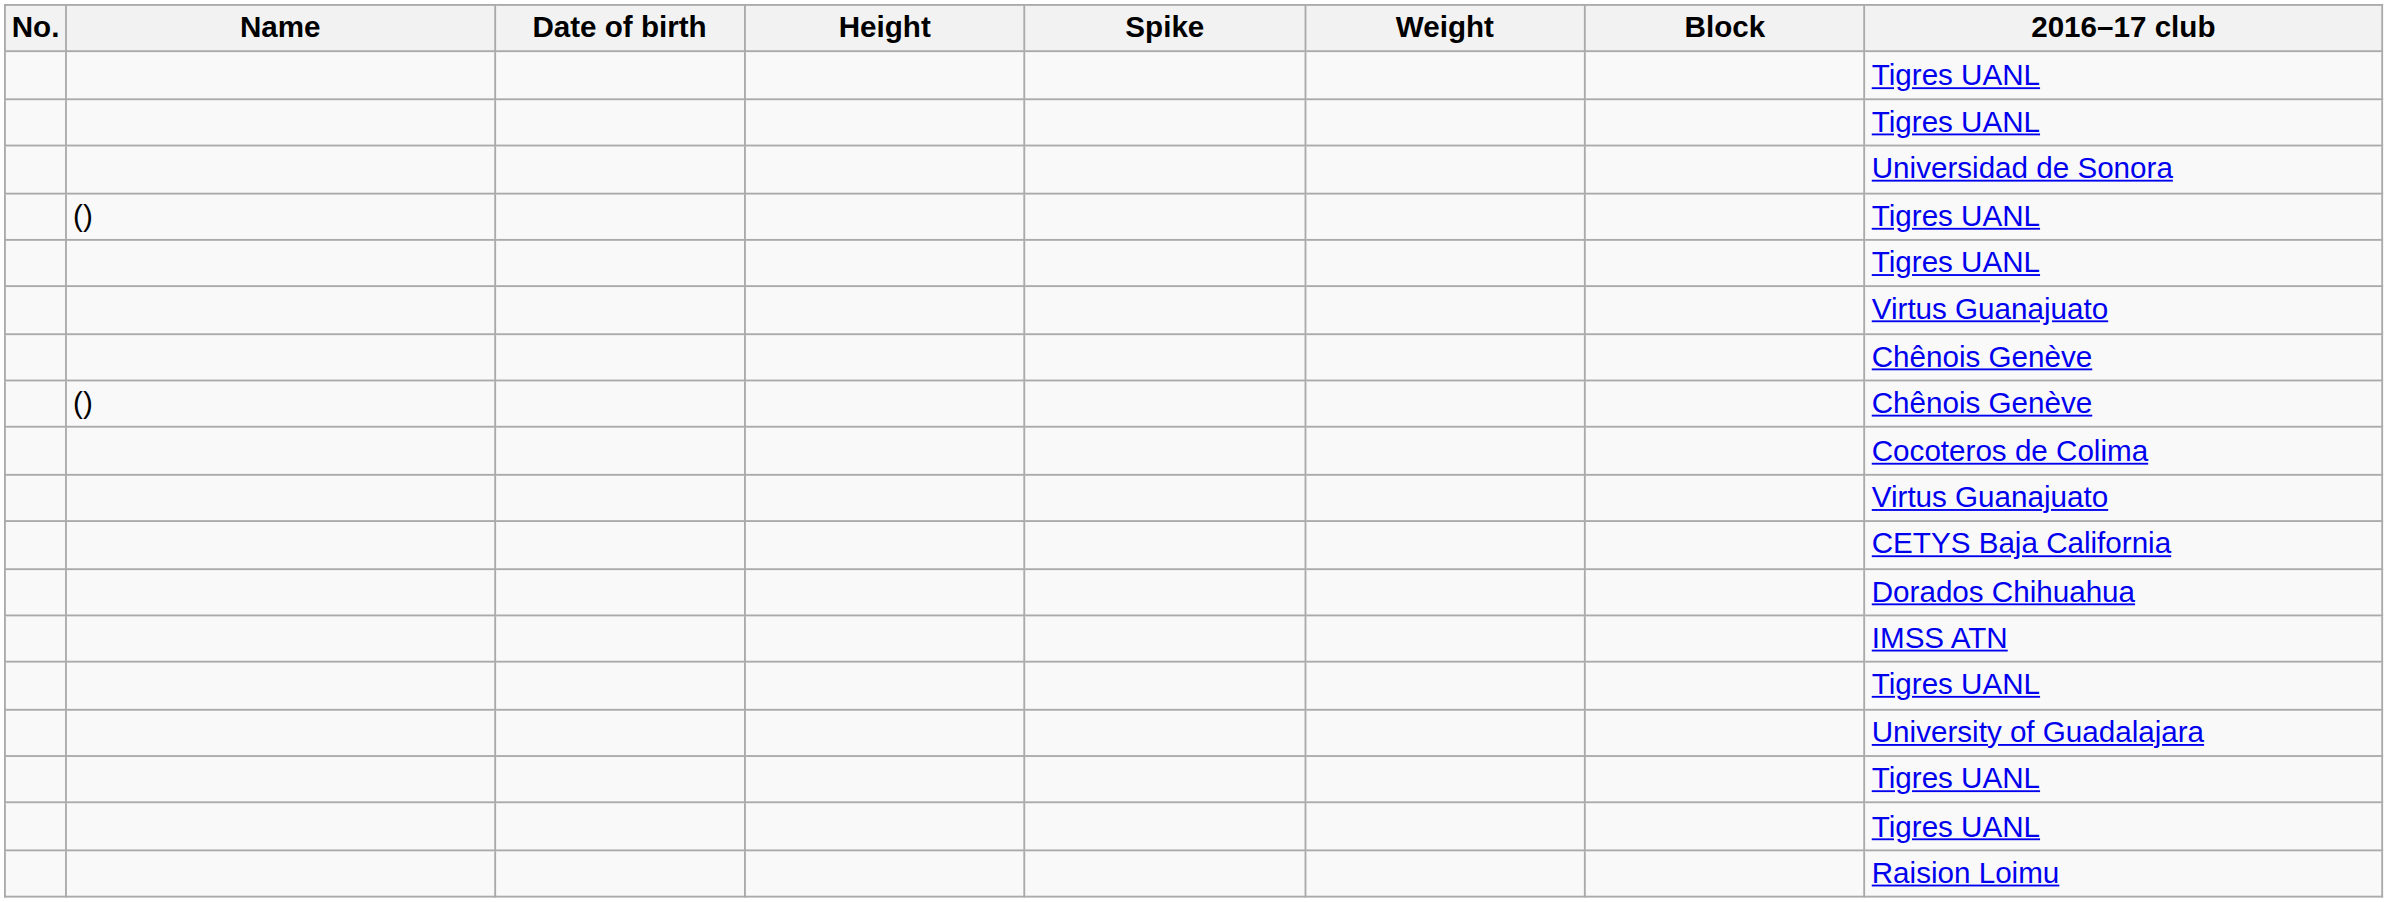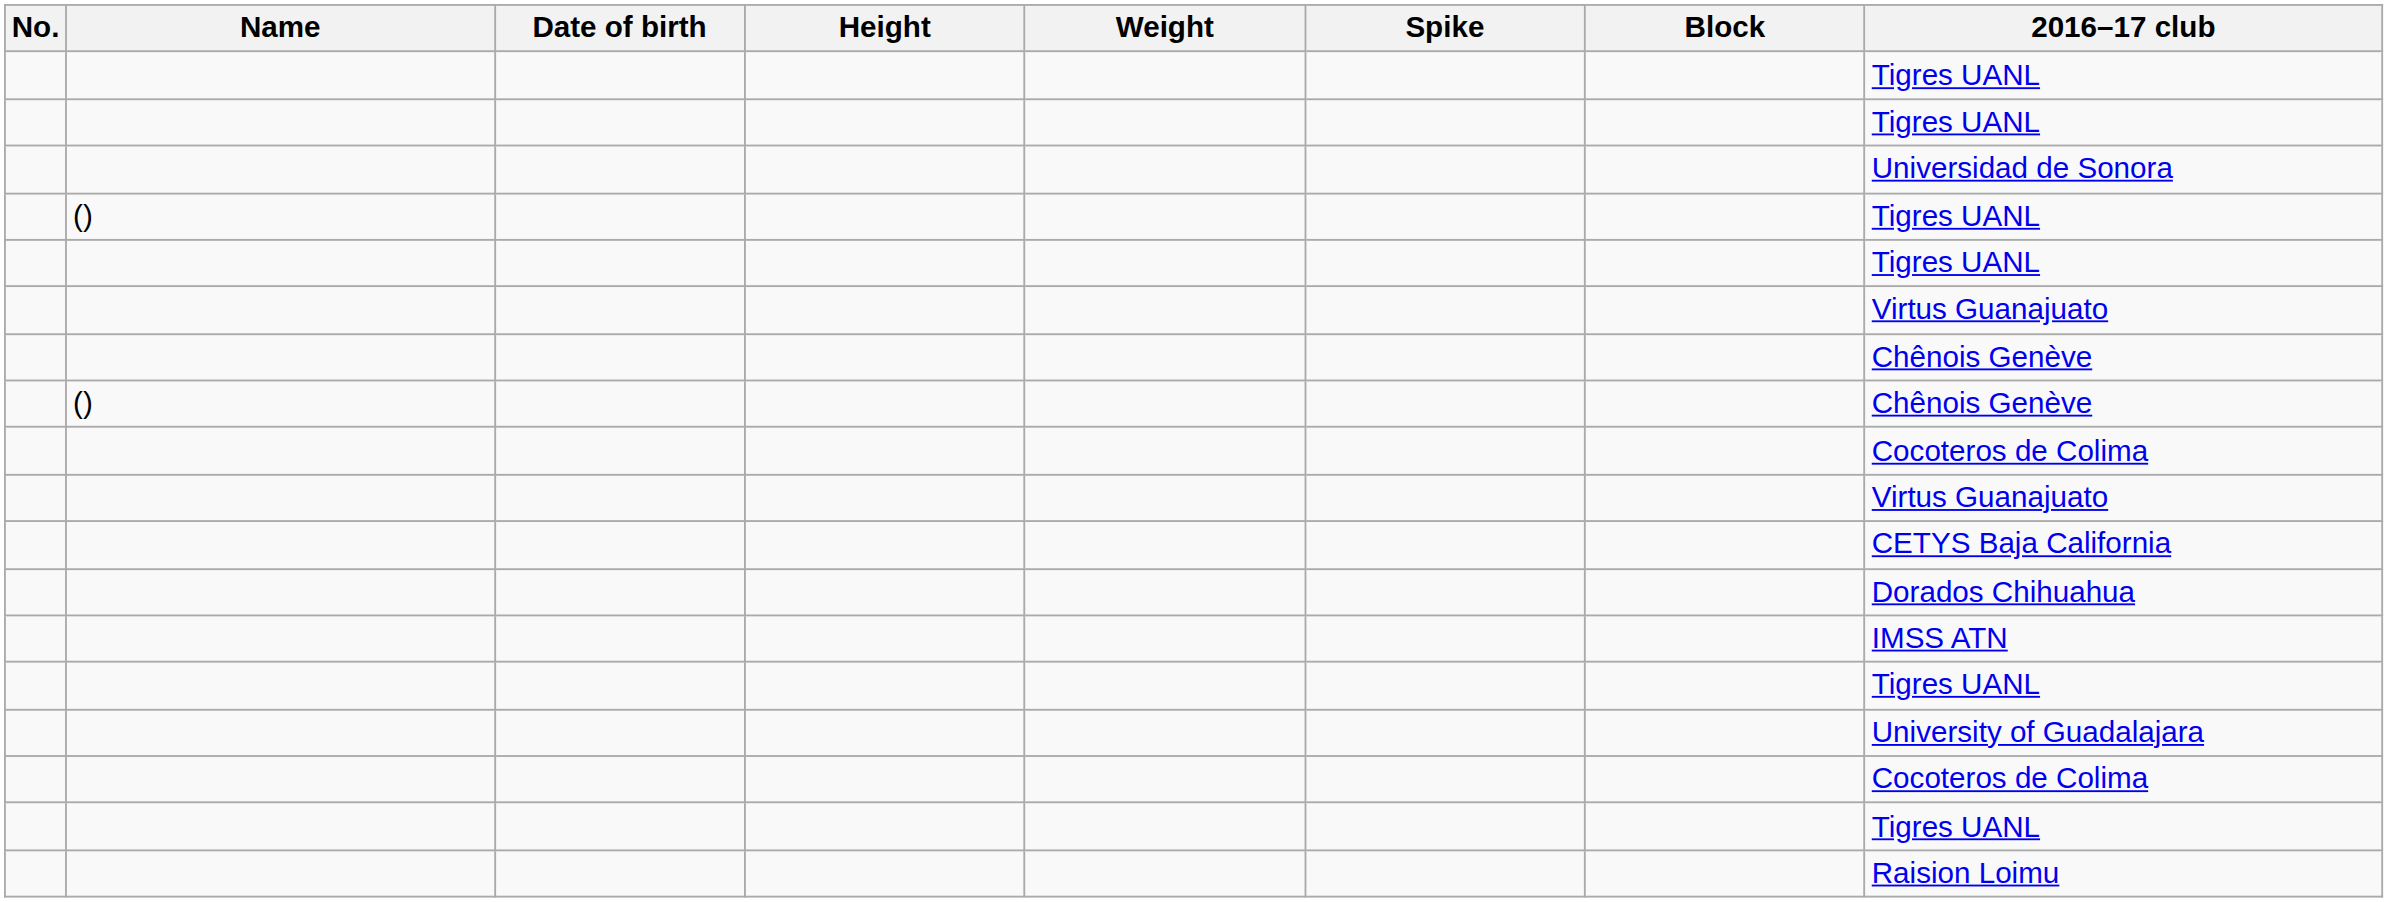 <table class="wikitable sortable" style="font-size:100%; text-align:center;">
 <tr>
 <th>No.</th>
 <th style="width:14em">Name</th>
 <th style="width:8em">Date of birth</th>
 <th style="width:9em">Height</th>
+<th style="width:9em">Weight</th>
 <th style="width:9em">Spike</th>
-<th style="width:9em">Weight</th>
 <th style="width:9em">Block</th>
 <th style="width:17em">2016–17 club</th>
 </tr>
 <tr>
 <td></td>
 <td style="text-align:left;"></td>
 <td style="text-align:right;"></td>
 <td></td>
 <td></td>
 <td></td>
 <td></td>
 <td style="text-align:left;"> <a href='#'>Tigres UANL</a></td>
 </tr>
 <tr>
 <td></td>
 <td style="text-align:left;"></td>
 <td style="text-align:right;"></td>
 <td></td>
 <td></td>
 <td></td>
 <td></td>
 <td style="text-align:left;"> <a href='#'>Tigres UANL</a></td>
 </tr>
 <tr>
 <td></td>
 <td style="text-align:left;"></td>
 <td style="text-align:right;"></td>
 <td></td>
 <td></td>
 <td></td>
 <td></td>
 <td style="text-align:left;"> <a href='#'>Universidad de Sonora</a></td>
 </tr>
 <tr>
 <td></td>
 <td style="text-align:left;"> ()</td>
 <td style="text-align:right;"></td>
 <td></td>
 <td></td>
 <td></td>
 <td></td>
 <td style="text-align:left;"> <a href='#'>Tigres UANL</a></td>
 </tr>
 <tr>
 <td></td>
 <td style="text-align:left;"></td>
 <td style="text-align:right;"></td>
 <td></td>
 <td></td>
 <td></td>
 <td></td>
 <td style="text-align:left;"> <a href='#'>Tigres UANL</a></td>
 </tr>
 <tr>
 <td></td>
 <td style="text-align:left;"></td>
 <td style="text-align:right;"></td>
 <td></td>
 <td></td>
 <td></td>
 <td></td>
 <td style="text-align:left;"> <a href='#'>Virtus Guanajuato</a></td>
 </tr>
 <tr>
 <td></td>
 <td style="text-align:left;"></td>
 <td style="text-align:right;"></td>
 <td></td>
 <td></td>
 <td></td>
 <td></td>
 <td style="text-align:left;"> <a href='#'>Chênois Genève</a></td>
 </tr>
 <tr>
 <td></td>
 <td style="text-align:left;"> ()</td>
 <td style="text-align:right;"></td>
 <td></td>
 <td></td>
 <td></td>
 <td></td>
 <td style="text-align:left;"> <a href='#'>Chênois Genève</a></td>
 </tr>
 <tr>
 <td></td>
 <td style="text-align:left;"></td>
 <td style="text-align:right;"></td>
 <td></td>
 <td></td>
 <td></td>
 <td></td>
 <td style="text-align:left;"> <a href='#'>Cocoteros de Colima</a></td>
 </tr>
 <tr>
 <td></td>
 <td style="text-align:left;"></td>
 <td style="text-align:right;"></td>
 <td></td>
 <td></td>
 <td></td>
 <td></td>
 <td style="text-align:left;"> <a href='#'>Virtus Guanajuato</a></td>
 </tr>
 <tr>
 <td></td>
 <td style="text-align:left;"></td>
 <td style="text-align:right;"></td>
 <td></td>
 <td></td>
 <td></td>
 <td></td>
 <td style="text-align:left;"> <a href='#'>CETYS Baja California</a></td>
 </tr>
 <tr>
 <td></td>
 <td style="text-align:left;"></td>
 <td style="text-align:right;"></td>
 <td></td>
 <td></td>
 <td></td>
 <td></td>
 <td style="text-align:left;"> <a href='#'>Dorados Chihuahua</a></td>
 </tr>
 <tr>
 <td></td>
 <td style="text-align:left;"></td>
 <td style="text-align:right;"></td>
 <td></td>
 <td></td>
 <td></td>
 <td></td>
 <td style="text-align:left;"> <a href='#'>IMSS ATN</a></td>
 </tr>
 <tr>
 <td></td>
 <td style="text-align:left;"></td>
 <td style="text-align:right;"></td>
 <td></td>
 <td></td>
 <td></td>
 <td></td>
 <td style="text-align:left;"> <a href='#'>Tigres UANL</a></td>
 </tr>
 <tr>
 <td></td>
 <td style="text-align:left;"></td>
 <td style="text-align:right;"></td>
 <td></td>
 <td></td>
 <td></td>
 <td></td>
 <td style="text-align:left;"> <a href='#'>University of Guadalajara</a></td>
 </tr>
 <tr>
 <td></td>
 <td style="text-align:left;"></td>
 <td style="text-align:right;"></td>
 <td></td>
 <td></td>
 <td></td>
 <td></td>
-<td style="text-align:left;"> <a href='#'>Tigres UANL</a></td>
+<td style="text-align:left;"> <a href='#'>Cocoteros de Colima</a></td>
 </tr>
 <tr>
 <td></td>
 <td style="text-align:left;"></td>
 <td style="text-align:right;"></td>
 <td></td>
 <td></td>
 <td></td>
 <td></td>
 <td style="text-align:left;"> <a href='#'>Tigres UANL</a></td>
 </tr>
 <tr>
 <td></td>
 <td style="text-align:left;"></td>
 <td style="text-align:right;"></td>
 <td></td>
 <td></td>
 <td></td>
 <td></td>
 <td style="text-align:left;"> <a href='#'>Raision Loimu</a></td>
 </tr>
 </table>
